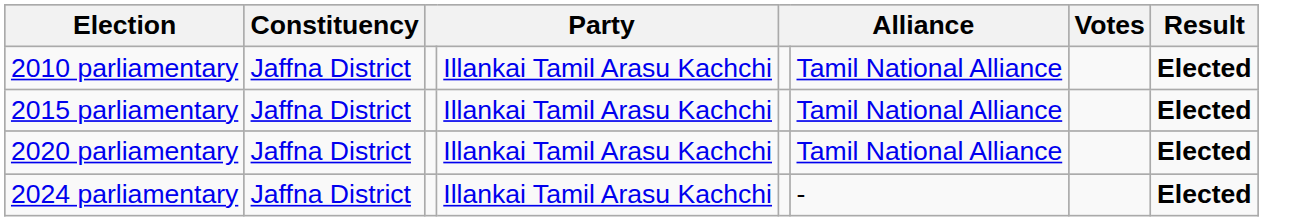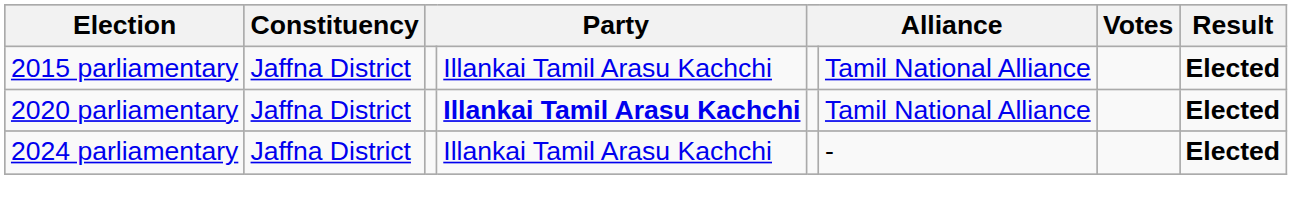 <table class="wikitable" style="text-align:left;">
 <tr>
 <th scope=col>Election</th>
 <th scope=col>Constituency</th>
 <th scope=col colspan="2">Party</th>
 <th scope=col colspan="2">Alliance</th>
 <th scope=col>Votes</th>
 <th scope=col>Result</th>
-</tr>
-<tr>
-<td><a href='#'>2010 parliamentary</a></td>
-<td><a href='#'>Jaffna District</a></td>
-<td style="background:"></td>
-<td><a href='#'>Illankai Tamil Arasu Kachchi</a></td>
-<td style="background:"></td>
-<td><a href='#'>Tamil National Alliance</a></td>
-<td align=right></td>
-<td><strong>Elected</strong></td>
 </tr>
 <tr>
 <td><a href='#'>2015 parliamentary</a></td>
 <td><a href='#'>Jaffna District</a></td>
 <td style="background:"></td>
 <td><a href='#'>Illankai Tamil Arasu Kachchi</a></td>
 <td style="background:"></td>
 <td><a href='#'>Tamil National Alliance</a></td>
 <td align=right></td>
 <td><strong>Elected</strong></td>
 </tr>
 <tr>
 <td><a href='#'>2020 parliamentary</a></td>
 <td><a href='#'>Jaffna District</a></td>
 <td style="background:"></td>
-<td><a href='#'>Illankai Tamil Arasu Kachchi</a></td>
+<td><strong><a href='#'>Illankai Tamil Arasu Kachchi</a></strong></td>
 <td style="background:"></td>
 <td><a href='#'>Tamil National Alliance</a></td>
 <td align=right></td>
 <td><strong>Elected</strong></td>
 </tr>
 <tr>
 <td><a href='#'>2024 parliamentary</a></td>
 <td><a href='#'>Jaffna District</a></td>
 <td style="background:"></td>
 <td><a href='#'>Illankai Tamil Arasu Kachchi</a></td>
 <td></td>
 <td>-</td>
 <td align=right></td>
 <td><strong>Elected</strong></td>
 </tr>
 </table>
